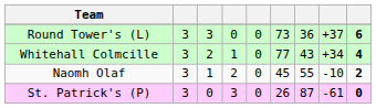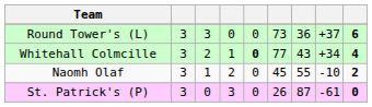 <table class="wikitable" style="text-align:center">
 <tr>
 <th style="width:175px;">Team</th>
 <th width="20"></th>
 <th width="20"></th>
 <th width="20"></th>
 <th width="20"></th>
 <th width="20"></th>
 <th width="20"></th>
 <th width="20"></th>
 <th width="20"></th>
 </tr>
 <tr style="background:#cfc;">
 </tr>
 <tr style="background:#cfc">
 <td>Round Tower's (L)</td>
 <td>3</td>
 <td>3</td>
 <td>0</td>
 <td>0</td>
 <td>73</td>
 <td>36</td>
 <td>+37</td>
 <td><strong>6</strong></td>
 </tr>
 <tr style="background:#cfc;">
 <td>Whitehall Colmcille</td>
 <td>3</td>
 <td>2</td>
 <td>1</td>
-<td>0</td>
+<td><strong>0</strong></td>
 <td>77</td>
 <td>43</td>
 <td>+34</td>
 <td><strong>4</strong></td>
 </tr>
 <tr>
 <td>Naomh Olaf</td>
 <td>3</td>
 <td>1</td>
 <td>2</td>
 <td>0</td>
 <td>45</td>
 <td>55</td>
 <td>-10</td>
 <td><strong>2</strong></td>
 </tr>
 <tr style="background:#fcf;">
 <td>St. Patrick's (P)</td>
 <td>3</td>
 <td>0</td>
 <td>3</td>
 <td>0</td>
 <td>26</td>
 <td>87</td>
 <td>-61</td>
 <td><strong>0</strong></td>
 </tr>
 </table>
